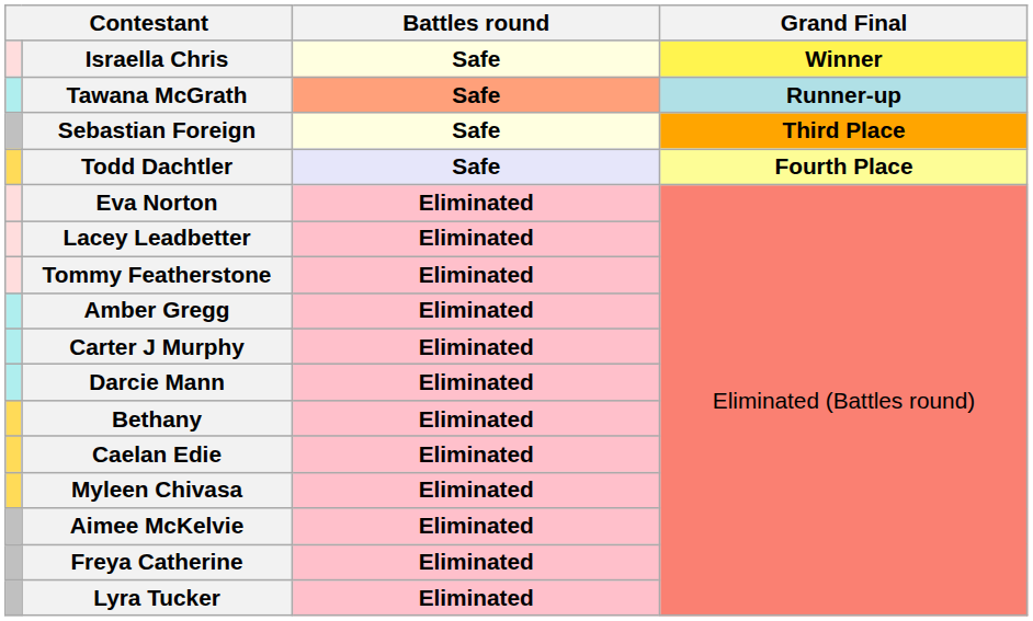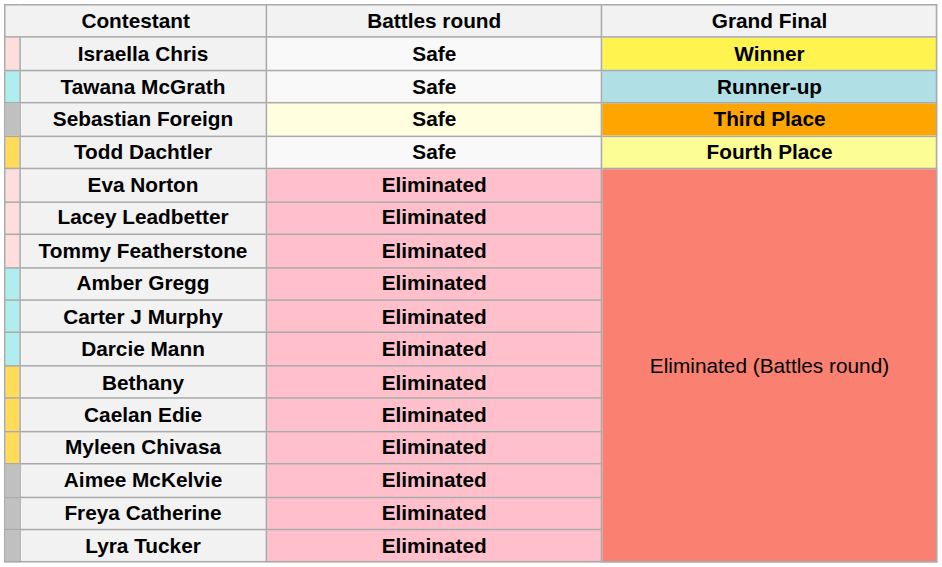 <table class="wikitable" style="text-align:center; font-size:85%">
 <tr>
 <th colspan="2" style="width:15%">Contestant</th>
 <th scope="col" style="width:20%">Battles round</th>
 <th colspan="2" style="width:20%">Grand Final</th>
 </tr>
 <tr>
 <th style="background:#ffdddd"></th>
 <th>Israella Chris</th>
-<td style="background: lightyellow;"><strong>Safe</strong></td>
+<td><strong>Safe</strong></td>
 <td style="background:#FFF44F"><strong>Winner</strong></td>
 </tr>
 <tr>
 <th style="background:#afeeee"></th>
 <th>Tawana McGrath</th>
-<td style="background: lightsalmon;"><strong>Safe</strong></td>
+<td><strong>Safe</strong></td>
 <td style="background:#B0E0E6"><strong>Runner-up</strong></td>
 </tr>
 <tr>
 <th style="background:silver"></th>
 <th>Sebastian Foreign</th>
 <td style="background: lightyellow;"><strong>Safe</strong></td>
 <td style="background:orange"><strong>Third Place</strong></td>
 </tr>
 <tr>
 <th style="background:#ffdb58"></th>
 <th>Todd Dachtler</th>
-<td style="background: lavender;"><strong>Safe</strong></td>
+<td><strong>Safe</strong></td>
 <td style="background:#FDFD96"><strong>Fourth Place</strong></td>
 </tr>
 <tr>
 <th style="background:#ffdddd"></th>
 <th>Eva Norton</th>
 <td style="background:pink"><strong>Eliminated</strong></td>
 <td rowspan="12" colspan="2" style="background:salmon">Eliminated (Battles round)</td>
 </tr>
 <tr>
 <th style="background:#ffdddd"></th>
 <th>Lacey Leadbetter</th>
 <td style="background:pink"><strong>Eliminated</strong></td>
 </tr>
 <tr>
 <th style="background:#ffdddd"></th>
 <th>Tommy Featherstone</th>
 <td style="background:pink"><strong>Eliminated</strong></td>
 </tr>
 <tr>
 <th style="background:#afeeee"></th>
 <th>Amber Gregg</th>
 <td style="background:pink"><strong>Eliminated</strong></td>
 </tr>
 <tr>
 <th style="background:#afeeee"></th>
 <th>Carter J Murphy</th>
 <td style="background:pink"><strong>Eliminated</strong></td>
 </tr>
 <tr>
 <th style="background:#afeeee"></th>
 <th>Darcie Mann</th>
 <td style="background:pink"><strong>Eliminated</strong></td>
 </tr>
 <tr>
 <th style="background:#ffdb58"></th>
 <th>Bethany</th>
 <td style="background:pink"><strong>Eliminated</strong></td>
 </tr>
 <tr>
 <th style="background:#ffdb58"></th>
 <th>Caelan Edie</th>
 <td style="background:pink"><strong>Eliminated</strong></td>
 </tr>
 <tr>
 <th style="background:#ffdb58"></th>
 <th>Myleen Chivasa</th>
 <td style="background:pink"><strong>Eliminated</strong></td>
 </tr>
 <tr>
 <th style="background:silver"></th>
 <th>Aimee McKelvie</th>
 <td style="background:pink"><strong>Eliminated</strong></td>
 </tr>
 <tr>
 <th style="background:silver"></th>
 <th>Freya Catherine</th>
 <td style="background:pink"><strong>Eliminated</strong></td>
 </tr>
 <tr>
 <th style="background:silver"></th>
 <th>Lyra Tucker</th>
 <td style="background:pink"><strong>Eliminated</strong></td>
 </tr>
 </table>
